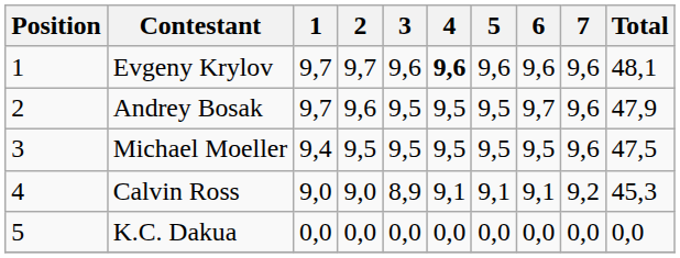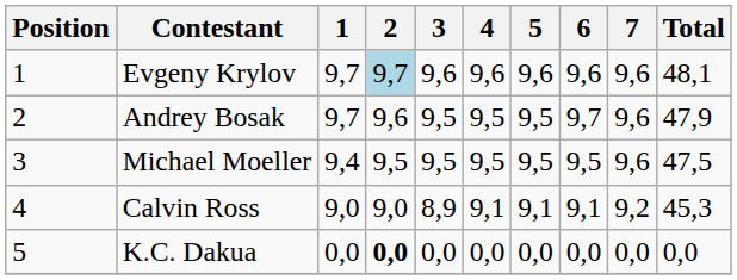 <table class="wikitable">
 <tr>
 <th>Position</th>
 <th>Contestant</th>
 <th>1</th>
 <th>2</th>
 <th>3</th>
 <th>4</th>
 <th>5</th>
 <th>6</th>
 <th>7</th>
 <th>Total</th>
 </tr>
 <tr>
 <td>1</td>
 <td>Evgeny Krylov </td>
 <td>9,7</td>
-<td>9,7</td>
+<td style="background: lightblue;">9,7</td>
 <td>9,6</td>
-<td><strong>9,6</strong></td>
+<td>9,6</td>
 <td>9,6</td>
 <td>9,6</td>
 <td>9,6</td>
 <td>48,1</td>
 </tr>
 <tr>
 <td>2</td>
 <td>Andrey Bosak  </td>
 <td>9,7</td>
 <td>9,6</td>
 <td>9,5</td>
 <td>9,5</td>
 <td>9,5</td>
 <td>9,7</td>
 <td>9,6</td>
 <td>47,9</td>
 </tr>
 <tr>
 <td>3</td>
 <td>Michael Moeller </td>
 <td>9,4</td>
 <td>9,5</td>
 <td>9,5</td>
 <td>9,5</td>
 <td>9,5</td>
 <td>9,5</td>
 <td>9,6</td>
 <td>47,5</td>
 </tr>
 <tr>
 <td>4</td>
 <td>Calvin Ross </td>
 <td>9,0</td>
 <td>9,0</td>
 <td>8,9</td>
 <td>9,1</td>
 <td>9,1</td>
 <td>9,1</td>
 <td>9,2</td>
 <td>45,3</td>
 </tr>
 <tr>
 <td>5</td>
 <td>K.C. Dakua </td>
 <td>0,0</td>
-<td>0,0</td>
+<td><strong>0,0</strong></td>
 <td>0,0</td>
 <td>0,0</td>
 <td>0,0</td>
 <td>0,0</td>
 <td>0,0</td>
 <td>0,0</td>
 </tr>
 <tr>
 </tr>
 </table>
